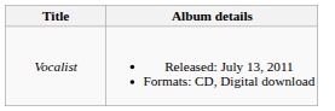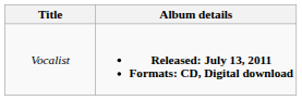 <table class="wikitable plainrowheaders" style="text-align:center">
 <tr>
 <th style="width:7em;">Title</th>
 <th>Album details</th>
 </tr>
 <tr>
 <td><em>Vocalist</em></td>
-<td><br><ul><li>Released: July 13, 2011</li><li>Formats: CD, Digital download</li></ul></td>
+<td><strong><br><ul><li>Released: July 13, 2011</li><li>Formats: CD, Digital download</li></ul></strong></td>
 </tr>
 </table>
